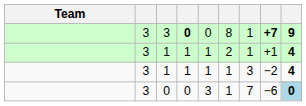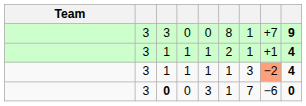 <table class="wikitable" style="text-align:center">
 <tr>
 <th width=165>Team</th>
 <th width=20></th>
 <th width=20></th>
 <th width=20></th>
 <th width=20></th>
 <th width=20></th>
 <th width=20></th>
 <th width=20></th>
 <th width=20></th>
 </tr>
 <tr bgcolor=ccffcc>
 <td align=left></td>
 <td>3</td>
 <td>3</td>
-<td><strong>0</strong></td>
+<td>0</td>
 <td>0</td>
 <td>8</td>
 <td>1</td>
-<td><strong>+7</strong></td>
+<td>+7</td>
 <td><strong>9</strong></td>
 </tr>
 <tr bgcolor=ccffcc>
 <td align=left></td>
 <td>3</td>
 <td>1</td>
 <td>1</td>
 <td>1</td>
 <td>2</td>
 <td>1</td>
 <td>+1</td>
 <td><strong>4</strong></td>
 </tr>
 <tr>
 <td align=left></td>
 <td>3</td>
 <td>1</td>
 <td>1</td>
 <td>1</td>
 <td>1</td>
 <td>3</td>
-<td>−2</td>
+<td style="background: lightsalmon;">−2</td>
 <td><strong>4</strong></td>
 </tr>
 <tr>
 <td align=left></td>
 <td>3</td>
-<td>0</td>
+<td><strong>0</strong></td>
 <td>0</td>
 <td>3</td>
 <td>1</td>
 <td>7</td>
 <td>−6</td>
-<td style="background: lightblue;"><strong>0</strong></td>
+<td><strong>0</strong></td>
 </tr>
 </table>
